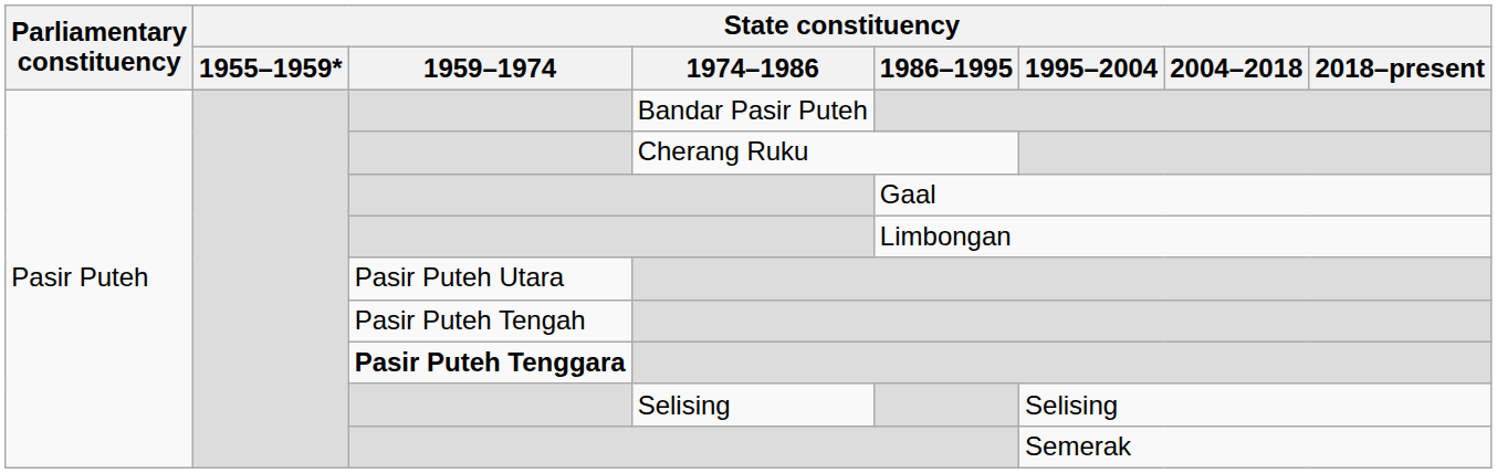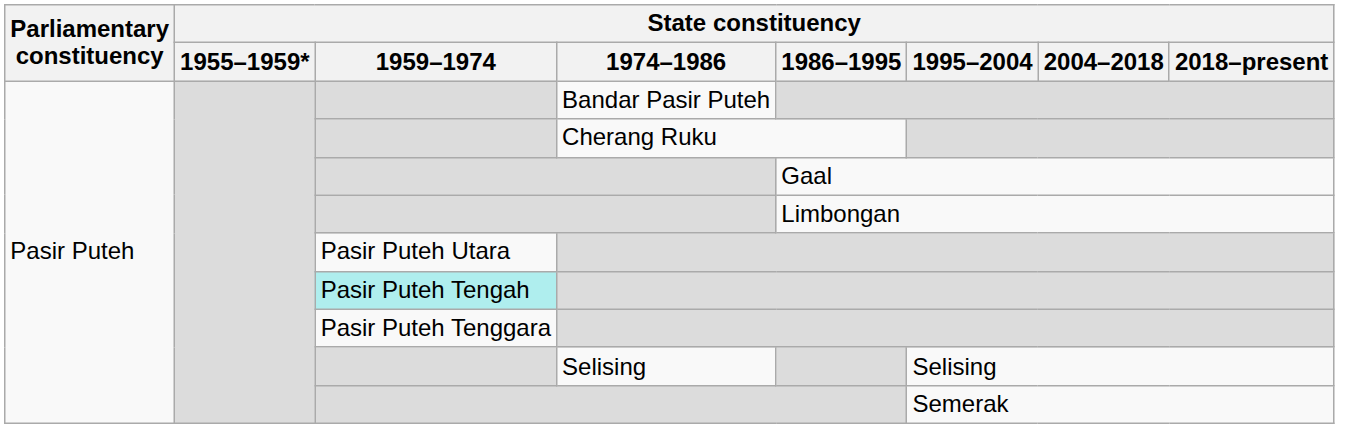 <table class="wikitable">
 <tr>
 <th rowspan="2">Parliamentary<br>constituency</th>
 <th colspan="7">State constituency</th>
 </tr>
 <tr>
 <th>1955–1959*</th>
 <th>1959–1974</th>
 <th>1974–1986</th>
 <th>1986–1995</th>
 <th>1995–2004</th>
 <th>2004–2018</th>
 <th>2018–present</th>
 </tr>
 <tr>
 <td rowspan="9">Pasir Puteh</td>
 <td rowspan="9" bgcolor="dcdcdc"></td>
 <td bgcolor="dcdcdc"></td>
 <td>Bandar Pasir Puteh</td>
 <td colspan="4" bgcolor="dcdcdc"></td>
 </tr>
 <tr>
 <td bgcolor="dcdcdc"></td>
 <td colspan="2">Cherang Ruku</td>
 <td colspan="3" bgcolor="dcdcdc"></td>
 </tr>
 <tr>
 <td colspan="2" bgcolor="dcdcdc"></td>
 <td colspan="4">Gaal</td>
 </tr>
 <tr>
 <td colspan="2" bgcolor="dcdcdc"></td>
 <td colspan="4">Limbongan</td>
 </tr>
 <tr>
 <td>Pasir Puteh Utara</td>
 <td colspan="5" bgcolor="dcdcdc"></td>
 </tr>
 <tr>
-<td>Pasir Puteh Tengah</td>
+<td style="background: paleturquoise;">Pasir Puteh Tengah</td>
 <td colspan="5" bgcolor="dcdcdc"></td>
 </tr>
 <tr>
-<td><strong>Pasir Puteh Tenggara</strong></td>
+<td>Pasir Puteh Tenggara</td>
 <td colspan="5" bgcolor="dcdcdc"></td>
 </tr>
 <tr>
 <td bgcolor="dcdcdc"></td>
 <td>Selising</td>
 <td bgcolor="dcdcdc"></td>
 <td colspan="3">Selising</td>
 </tr>
 <tr>
 <td colspan="3" bgcolor="dcdcdc"></td>
 <td colspan="3">Semerak</td>
 </tr>
 </table>
